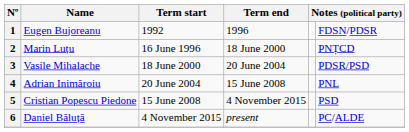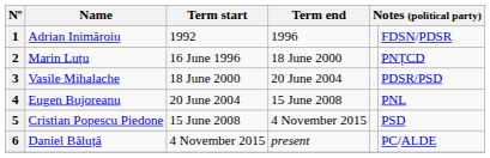 <table class="wikitable">
 <tr>
 <th>Nº</th>
 <th>Name</th>
 <th>Term start</th>
 <th>Term end</th>
 <th colspan=2>Notes <small>(political party)</small></th>
 </tr>
 <tr>
 <th>1</th>
-<td><a href='#'>Eugen Bujoreanu</a></td>
+<td><a href='#'>Adrian Inimăroiu</a></td>
 <td>1992</td>
 <td>1996</td>
 <td style="background:"></td>
 <td><a href='#'>FDSN</a>/<a href='#'>PDSR</a></td>
 </tr>
 <tr>
 <th>2</th>
 <td><a href='#'>Marin Luțu</a></td>
 <td>16 June 1996</td>
 <td>18 June 2000</td>
 <td style="background:"></td>
 <td><a href='#'>PNȚCD</a></td>
 </tr>
 <tr>
 <th>3</th>
 <td><a href='#'>Vasile Mihalache</a></td>
 <td>18 June 2000</td>
 <td>20 June 2004</td>
 <td style="background:"></td>
 <td><a href='#'>PDSR/PSD</a></td>
 </tr>
 <tr>
 <th>4</th>
-<td><a href='#'>Adrian Inimăroiu</a></td>
+<td><a href='#'>Eugen Bujoreanu</a></td>
 <td>20 June 2004</td>
 <td>15 June 2008</td>
 <td style="background:"></td>
 <td><a href='#'>PNL</a></td>
 </tr>
 <tr>
 <th>5</th>
 <td><a href='#'>Cristian Popescu Piedone</a></td>
 <td>15 June 2008</td>
 <td>4 November 2015</td>
 <td style="background:"></td>
 <td><a href='#'>PSD</a></td>
 </tr>
 <tr>
 <th>6</th>
 <td><a href='#'>Daniel Băluță</a></td>
 <td>4 November 2015</td>
 <td><em>present</em></td>
 <td style="background:"></td>
 <td><a href='#'>PC</a>/<a href='#'>ALDE</a></td>
 </tr>
 <tr>
 </tr>
 </table>
